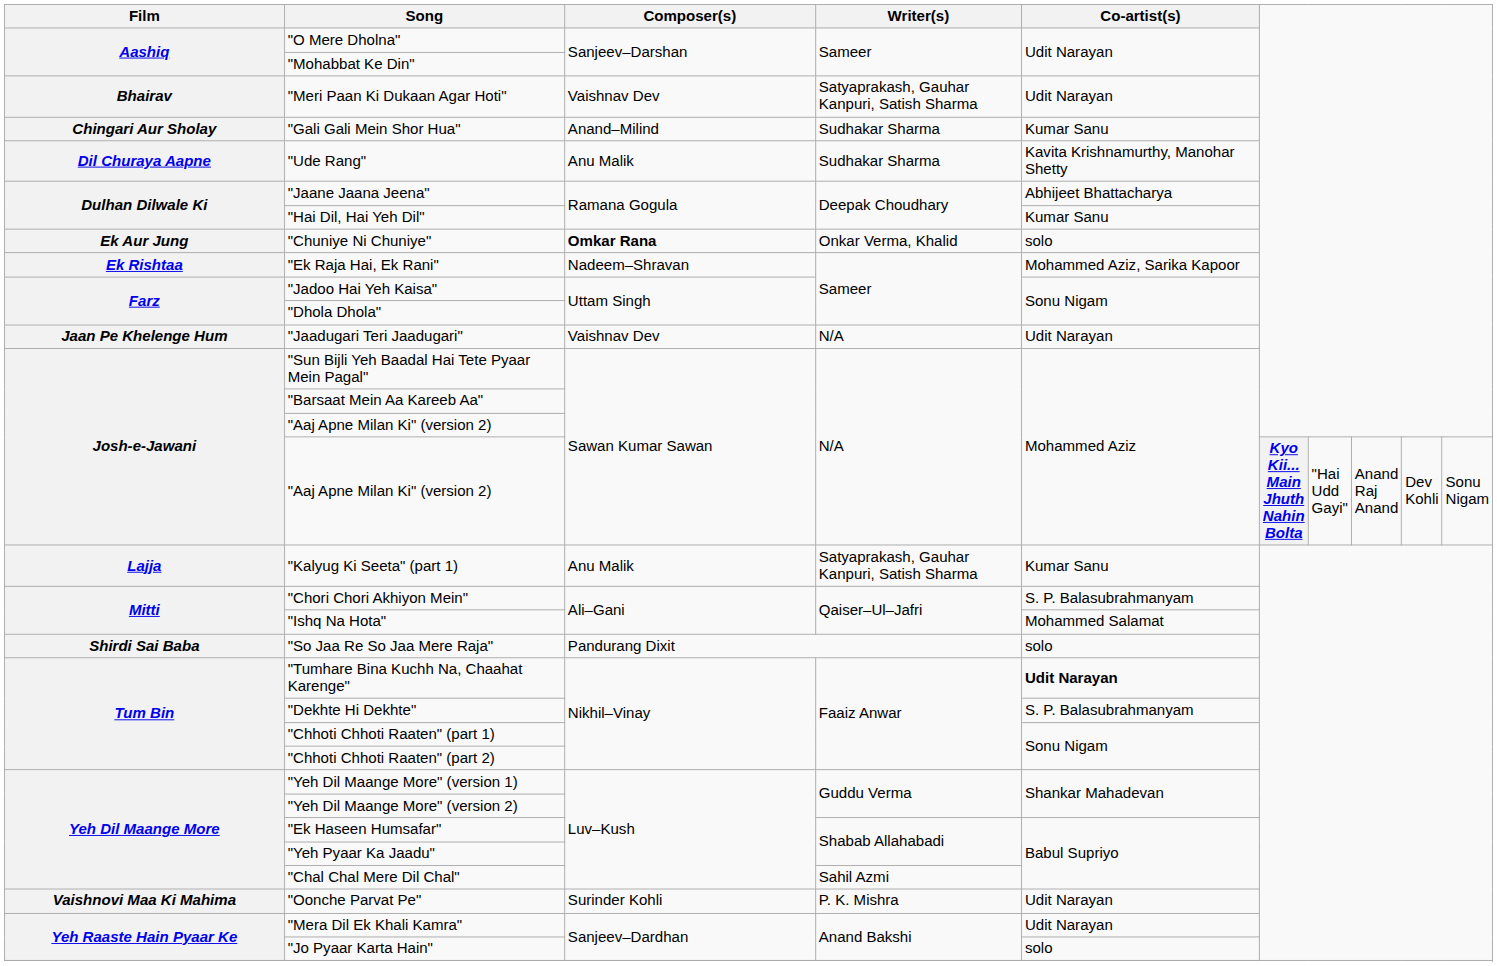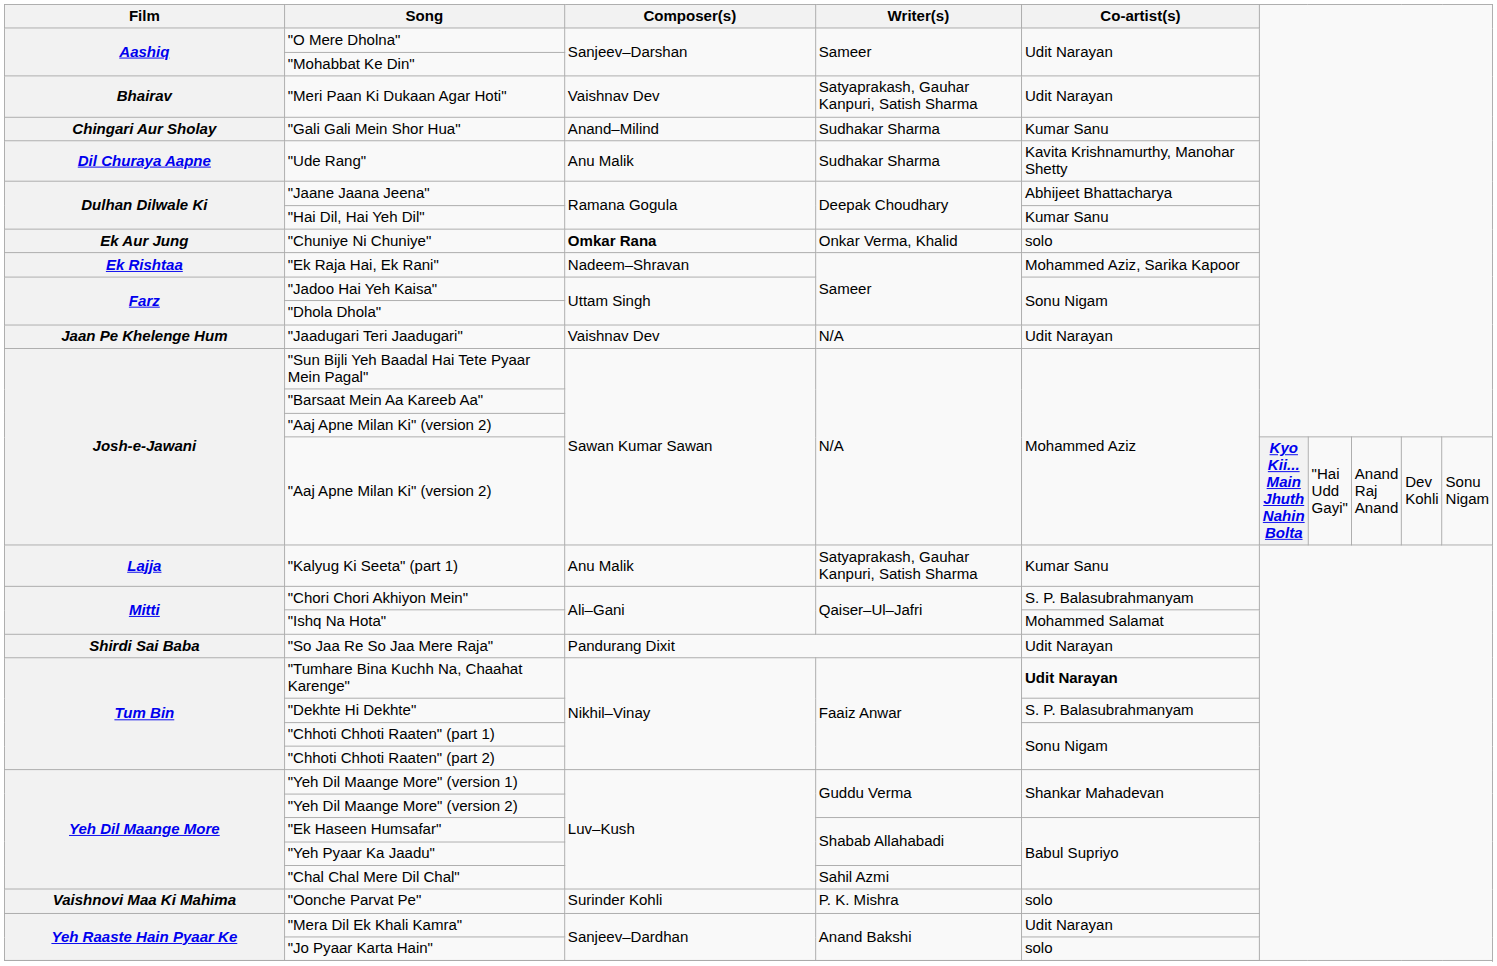 <table class="wikitable plainrowheaders" style="width:100%; textcolor:#000">
 <tr style="background:#b0e0e66;">
 <th scope="col" style="width:23%;"><strong>Film</strong></th>
 <th scope="col" style="width:23%;"><strong>Song</strong></th>
 <th scope="col" style="width:20%;"><strong>Composer(s)</strong></th>
 <th scope="col" style="width:16%;"><strong>Writer(s)</strong></th>
 <th scope="col" style="width:18%;"><strong>Co-artist(s)</strong></th>
 </tr>
 <tr>
 <th rowspan=2><em><a href='#'>Aashiq</a></em></th>
 <td>"O Mere Dholna"</td>
 <td rowspan=2>Sanjeev–Darshan</td>
 <td rowspan=2>Sameer</td>
 <td rowspan=2>Udit Narayan</td>
 </tr>
 <tr>
 <td>"Mohabbat Ke Din"</td>
 </tr>
 <tr>
 <th><em>Bhairav</em></th>
 <td>"Meri Paan Ki Dukaan Agar Hoti"</td>
 <td>Vaishnav Dev</td>
 <td>Satyaprakash, Gauhar Kanpuri, Satish Sharma</td>
 <td>Udit Narayan</td>
 </tr>
 <tr>
 <th><em>Chingari Aur Sholay</em></th>
 <td>"Gali Gali Mein Shor Hua"</td>
 <td>Anand–Milind</td>
 <td>Sudhakar Sharma</td>
 <td>Kumar Sanu</td>
 </tr>
 <tr>
 <th><em><a href='#'>Dil Churaya Aapne</a></em></th>
 <td>"Ude Rang"</td>
 <td>Anu Malik</td>
 <td>Sudhakar Sharma</td>
 <td>Kavita Krishnamurthy,  Manohar Shetty</td>
 </tr>
 <tr>
 <th rowspan=2><em>Dulhan Dilwale Ki</em></th>
 <td>"Jaane Jaana Jeena"</td>
 <td rowspan=2>Ramana Gogula</td>
 <td rowspan=2>Deepak Choudhary</td>
 <td>Abhijeet Bhattacharya</td>
 </tr>
 <tr>
 <td>"Hai Dil, Hai Yeh Dil"</td>
 <td>Kumar Sanu</td>
 </tr>
 <tr>
 <th><em>Ek Aur Jung</em></th>
 <td>"Chuniye Ni Chuniye"</td>
 <td><strong>Omkar Rana</strong></td>
 <td>Onkar Verma, Khalid</td>
 <td>solo</td>
 </tr>
 <tr>
 <th><em><a href='#'>Ek Rishtaa</a></em></th>
 <td>"Ek Raja Hai, Ek Rani"</td>
 <td>Nadeem–Shravan</td>
 <td rowspan=3>Sameer</td>
 <td>Mohammed Aziz, Sarika Kapoor</td>
 </tr>
 <tr>
 <th rowspan=2><em><a href='#'>Farz</a></em></th>
 <td>"Jadoo Hai Yeh Kaisa"</td>
 <td rowspan=2>Uttam Singh</td>
 <td rowspan=2>Sonu Nigam</td>
 </tr>
 <tr>
 <td>"Dhola Dhola"</td>
 </tr>
 <tr>
 <th><em>Jaan Pe Khelenge Hum</em></th>
 <td>"Jaadugari Teri Jaadugari"</td>
 <td>Vaishnav Dev</td>
 <td>N/A</td>
 <td>Udit Narayan</td>
 </tr>
 <tr>
 <th rowspan=4><em>Josh-e-Jawani</em></th>
 <td>"Sun Bijli Yeh Baadal Hai Tete Pyaar Mein Pagal"</td>
 <td rowspan=4>Sawan Kumar Sawan</td>
 <td rowspan=4>N/A</td>
 <td rowspan=4>Mohammed Aziz</td>
 </tr>
 <tr>
 <td>"Barsaat Mein Aa Kareeb Aa"</td>
 </tr>
 <tr>
 <td>"Aaj Apne Milan Ki" (version 2)</td>
 </tr>
 <tr>
 <td>"Aaj Apne Milan Ki" (version 2)</td>
 <th><em><a href='#'>Kyo Kii... Main Jhuth Nahin Bolta</a></em></th>
 <td>"Hai Udd Gayi"</td>
 <td>Anand Raj Anand</td>
 <td>Dev Kohli</td>
 <td>Sonu Nigam</td>
 </tr>
 <tr>
 <th><em><a href='#'>Lajja</a></em></th>
 <td>"Kalyug Ki Seeta" (part 1)</td>
 <td>Anu Malik</td>
 <td>Satyaprakash, Gauhar Kanpuri, Satish Sharma</td>
 <td>Kumar Sanu</td>
 </tr>
 <tr>
 <th Rowspan=2><em><a href='#'>Mitti</a></em></th>
 <td>"Chori Chori Akhiyon Mein"</td>
 <td rowspan=2>Ali–Gani</td>
 <td rowspan=2>Qaiser–Ul–Jafri</td>
 <td>S. P. Balasubrahmanyam</td>
 </tr>
 <tr>
 <td>"Ishq Na Hota"</td>
 <td>Mohammed Salamat</td>
 </tr>
 <tr>
 <th><em>Shirdi Sai Baba</em></th>
 <td>"So Jaa Re So Jaa Mere Raja"</td>
 <td colspan=2>Pandurang Dixit</td>
-<td>solo</td>
+<td>Udit Narayan</td>
 </tr>
 <tr>
 <th rowspan=4><em><a href='#'>Tum Bin</a></em></th>
 <td>"Tumhare Bina Kuchh Na, Chaahat Karenge"</td>
 <td Rowspan=4>Nikhil–Vinay</td>
 <td rowspan=4>Faaiz Anwar</td>
 <td><strong>Udit Narayan</strong></td>
 </tr>
 <tr>
 <td>"Dekhte Hi Dekhte"</td>
 <td>S. P. Balasubrahmanyam</td>
 </tr>
 <tr>
 <td>"Chhoti Chhoti Raaten" (part 1)</td>
 <td rowspan=2>Sonu Nigam</td>
 </tr>
 <tr>
 <td>"Chhoti Chhoti Raaten" (part 2)</td>
 </tr>
 <tr>
 <th Rowspan=5><em><a href='#'>Yeh Dil Maange More</a></em></th>
 <td>"Yeh Dil Maange More" (version 1)</td>
 <td rowspan=5>Luv–Kush</td>
 <td Rowspan=2>Guddu Verma</td>
 <td Rowspan=2>Shankar Mahadevan</td>
 </tr>
 <tr>
 <td>"Yeh Dil Maange More" (version 2)</td>
 </tr>
 <tr>
 <td>"Ek Haseen Humsafar"</td>
 <td rowspan=2>Shabab Allahabadi</td>
 <td rowspan=3>Babul Supriyo</td>
 </tr>
 <tr>
 <td>"Yeh Pyaar Ka Jaadu"</td>
 </tr>
 <tr>
 <td>"Chal Chal Mere Dil Chal"</td>
 <td>Sahil Azmi</td>
 </tr>
 <tr>
 <th><em>Vaishnovi Maa Ki Mahima</em></th>
 <td>"Oonche Parvat Pe"</td>
 <td>Surinder Kohli</td>
 <td>P. K. Mishra</td>
-<td>Udit Narayan</td>
+<td>solo</td>
 </tr>
 <tr>
 <th Rowspan=2><em><a href='#'>Yeh Raaste Hain Pyaar Ke</a></em></th>
 <td>"Mera Dil Ek Khali Kamra"</td>
 <td Rowspan=2>Sanjeev–Dardhan</td>
 <td Rowspan=2>Anand Bakshi</td>
 <td>Udit Narayan</td>
 </tr>
 <tr>
 <td>"Jo Pyaar Karta Hain"</td>
 <td>solo</td>
 </tr>
 <tr>
 </tr>
 </table>
